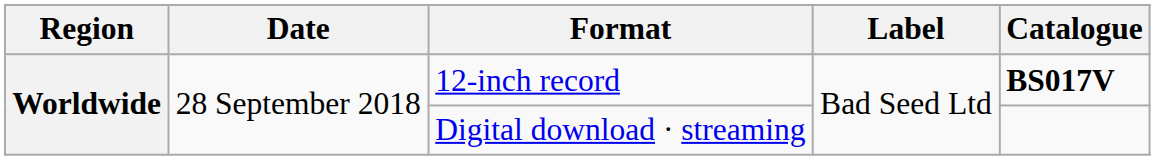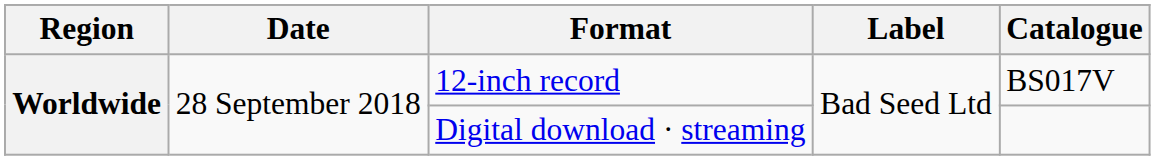 <table class="wikitable sortable plainrowheaders" style="text-align:left">
 <tr>
 <th scope="col">Region</th>
 <th scope="col">Date</th>
 <th scope="col">Format</th>
 <th scope="col">Label</th>
 <th scope="col">Catalogue</th>
 </tr>
 <tr>
 <th scope="row" rowspan="2">Worldwide</th>
 <td rowspan="2">28 September 2018</td>
 <td><a href='#'>12-inch record</a></td>
 <td rowspan="2">Bad Seed Ltd</td>
-<td><strong>BS017V</strong></td>
+<td>BS017V</td>
 </tr>
 <tr>
 <td><a href='#'>Digital download</a> · <a href='#'>streaming</a></td>
 <td></td>
 </tr>
 </table>
